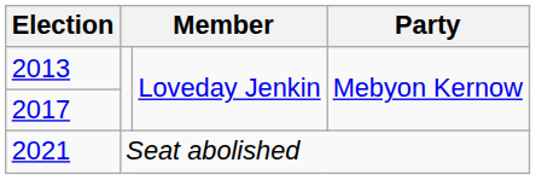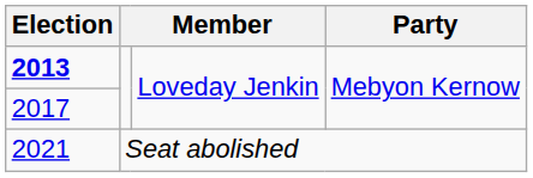 <table class="wikitable">
 <tr>
 <th>Election</th>
 <th colspan="2">Member</th>
 <th>Party</th>
 </tr>
 <tr>
-<td><a href='#'>2013</a></td>
+<td><strong><a href='#'>2013</a></strong></td>
 <td rowspan="2" style="background-color: "></td>
 <td rowspan="2"><a href='#'>Loveday Jenkin</a></td>
 <td rowspan="2"><a href='#'>Mebyon Kernow</a></td>
 </tr>
 <tr>
 <td><a href='#'>2017</a></td>
 </tr>
 <tr>
 <td><a href='#'>2021</a></td>
 <td colspan="3"><em>Seat abolished</em></td>
 </tr>
 </table>
